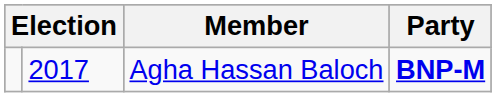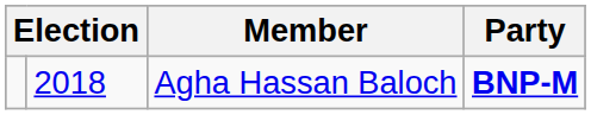 <table class="wikitable">
 <tr>
 <th colspan="2">Election</th>
 <th>Member</th>
 <th>Party</th>
 </tr>
 <tr>
 <td style="background-color: "></td>
-<td><a href='#'>2017</a></td>
+<td><a href='#'>2018</a></td>
 <td><a href='#'>Agha Hassan Baloch</a></td>
 <td><strong><a href='#'>BNP-M</a></strong></td>
 </tr>
 </table>
